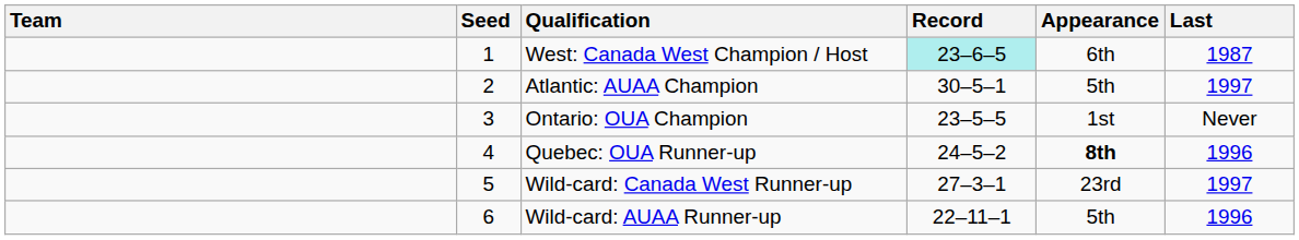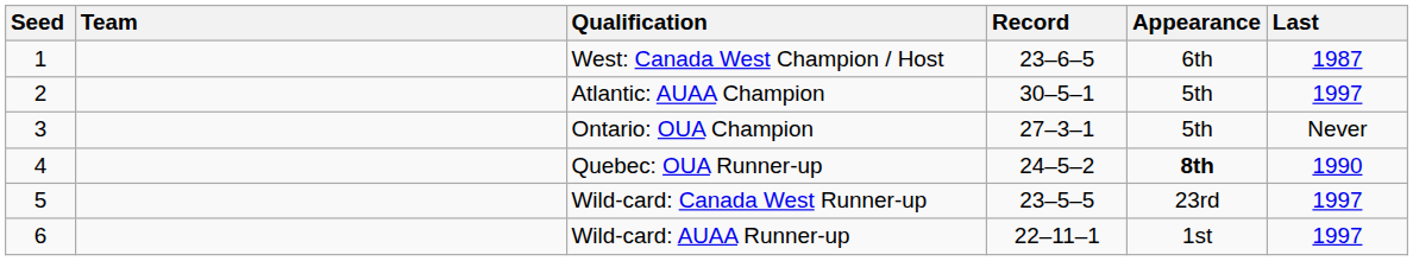 <table class="wikitable sortable" style="text-align: center;" width=1000>
 <tr style="background:#efefef; text-align:center">
+<th style="text-align:left" width=5%>Seed</th>
 <th style="text-align:left" width=35%>Team</th>
-<th style="text-align:left" width=5%>Seed</th>
 <th style="text-align:left" width=30%>Qualification</th>
 <th style="text-align:left" width=10%>Record</th>
 <th style="text-align:left" width=10%>Appearance</th>
 <th style="text-align:left" width=10%>Last</th>
 </tr>
 <tr style="text-align:center">
+<td style="text-align:center">1</td>
 <td style="text-align:left; "><a href='#'></a></td>
-<td style="text-align:center">1</td>
 <td style="text-align:left">West: <a href='#'>Canada West</a> Champion / Host</td>
-<td style="background: paleturquoise; text-align:center">23–6–5</td>
+<td style="text-align:center">23–6–5</td>
 <td style="text-align:center">6th</td>
 <td style="text-align:center"><a href='#'>1987</a></td>
 </tr>
 <tr style="text-align:center">
+<td style="text-align:center">2</td>
 <td style="text-align:left; "><a href='#'></a></td>
-<td style="text-align:center">2</td>
 <td style="text-align:left">Atlantic: <a href='#'>AUAA</a> Champion</td>
 <td style="text-align:center">30–5–1</td>
 <td style="text-align:center">5th</td>
 <td style="text-align:center"><a href='#'>1997</a></td>
 </tr>
 <tr style="text-align:center">
+<td style="text-align:center">3</td>
 <td style="text-align:left; "><a href='#'></a></td>
-<td style="text-align:center">3</td>
 <td style="text-align:left">Ontario: <a href='#'>OUA</a> Champion</td>
-<td style="text-align:center">23–5–5</td>
-<td style="text-align:center">1st</td>
+<td style="text-align:center">27–3–1</td>
+<td style="text-align:center">5th</td>
 <td style="text-align:center">Never</td>
 </tr>
 <tr style="text-align:center">
+<td style="text-align:center">4</td>
 <td style="text-align:left; "><a href='#'></a></td>
-<td style="text-align:center">4</td>
 <td style="text-align:left">Quebec: <a href='#'>OUA</a> Runner-up</td>
 <td style="text-align:center">24–5–2</td>
 <td style="text-align:center"><strong>8th</strong></td>
-<td style="text-align:center"><a href='#'>1996</a></td>
+<td style="text-align:center"><a href='#'>1990</a></td>
 </tr>
 <tr style="text-align:center">
+<td style="text-align:center">5</td>
 <td style="text-align:left; "><a href='#'></a></td>
-<td style="text-align:center">5</td>
 <td style="text-align:left">Wild-card: <a href='#'>Canada West</a> Runner-up</td>
-<td style="text-align:center">27–3–1</td>
+<td style="text-align:center">23–5–5</td>
 <td style="text-align:center">23rd</td>
 <td style="text-align:center"><a href='#'>1997</a></td>
 </tr>
 <tr style="text-align:center">
+<td style="text-align:center">6</td>
 <td style="text-align:left; "><a href='#'></a></td>
-<td style="text-align:center">6</td>
 <td style="text-align:left">Wild-card: <a href='#'>AUAA</a> Runner-up</td>
 <td style="text-align:center">22–11–1</td>
-<td style="text-align:center">5th</td>
-<td style="text-align:center"><a href='#'>1996</a></td>
+<td style="text-align:center">1st</td>
+<td style="text-align:center"><a href='#'>1997</a></td>
 </tr>
 </table>
